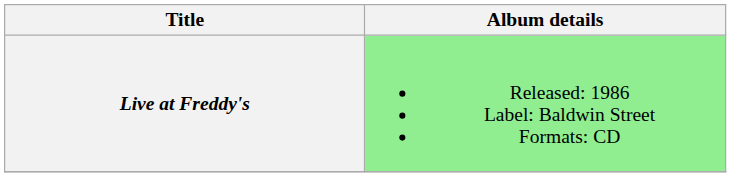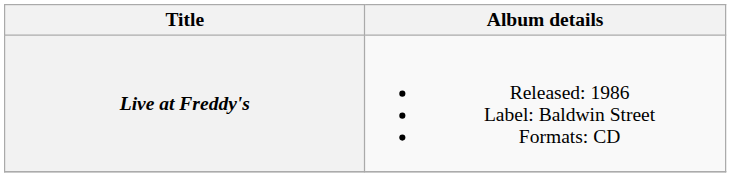 <table class="wikitable plainrowheaders" style="text-align:center;">
 <tr>
 <th scope="col" style="width:18em;">Title</th>
 <th scope="col" style="width:18em;">Album details</th>
 </tr>
 <tr>
 <th scope="row"><em>Live at Freddy's</em></th>
-<td style="background: lightgreen;"><br><ul><li>Released: 1986</li><li>Label: Baldwin Street</li><li>Formats: CD</li></ul></td>
+<td><br><ul><li>Released: 1986</li><li>Label: Baldwin Street</li><li>Formats: CD</li></ul></td>
 </tr>
 <tr>
 </tr>
 </table>
